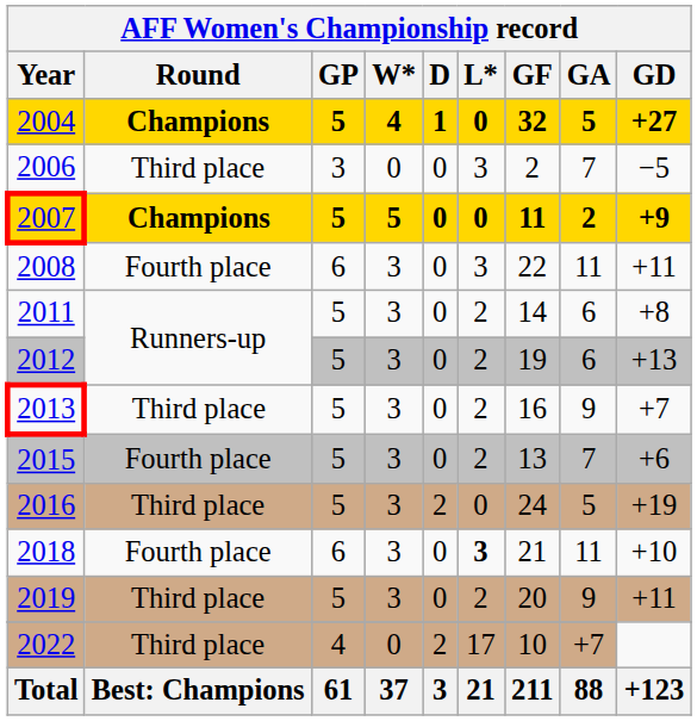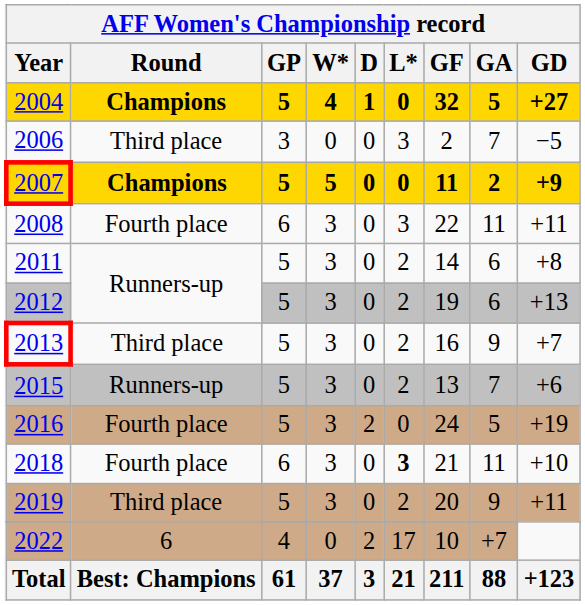 <table class="wikitable" style="text-align: center;">
 <tr>
 <th colspan=10><a href='#'>AFF Women's Championship</a> record</th>
 </tr>
 <tr>
 <th>Year</th>
 <th>Round</th>
 <th>GP</th>
 <th>W*</th>
 <th>D</th>
 <th>L*</th>
 <th>GF</th>
 <th>GA</th>
 <th>GD</th>
 </tr>
 <tr - bgcolor=gold>
 <td> <a href='#'>2004</a></td>
 <td><strong>Champions</strong></td>
 <td><strong>5</strong></td>
 <td><strong>4</strong></td>
 <td><strong>1</strong></td>
 <td><strong>0</strong></td>
 <td><strong>32</strong></td>
 <td><strong>5</strong></td>
 <td><strong>+27</strong></td>
 </tr>
 <tr -style="background:#9acdff;">
 <td> <a href='#'>2006</a></td>
 <td>Third place</td>
 <td>3</td>
 <td>0</td>
 <td>0</td>
 <td>3</td>
 <td>2</td>
 <td>7</td>
 <td>−5</td>
 </tr>
 <tr - bgcolor=gold>
 <td style="border: 3px solid red"> <a href='#'>2007</a></td>
 <td><strong>Champions</strong></td>
 <td><strong>5</strong></td>
 <td><strong>5</strong></td>
 <td><strong>0</strong></td>
 <td><strong>0</strong></td>
 <td><strong>11</strong></td>
 <td><strong>2</strong></td>
 <td><strong>+9</strong></td>
 </tr>
 <tr -style="background:#9acdff;">
 <td> <a href='#'>2008</a></td>
 <td>Fourth place</td>
 <td>6</td>
 <td>3</td>
 <td>0</td>
 <td>3</td>
 <td>22</td>
 <td>11</td>
 <td>+11</td>
 </tr>
 <tr -style="background:Silver;">
 <td> <a href='#'>2011</a></td>
 <td rowspan=2>Runners-up</td>
 <td>5</td>
 <td>3</td>
 <td>0</td>
 <td>2</td>
 <td>14</td>
 <td>6</td>
 <td>+8</td>
 </tr>
 <tr style="background:Silver;">
 <td> <a href='#'>2012</a></td>
 <td>5</td>
 <td>3</td>
 <td>0</td>
 <td>2</td>
 <td>19</td>
 <td>6</td>
 <td>+13</td>
 </tr>
 <tr -style="background:#9acdff;">
 <td style="border: 3px solid red"> <a href='#'>2013</a></td>
 <td>Third place</td>
 <td>5</td>
 <td>3</td>
 <td>0</td>
 <td>2</td>
 <td>16</td>
 <td>9</td>
 <td>+7</td>
 </tr>
 <tr style="background:Silver;">
 <td> <a href='#'>2015</a></td>
-<td>Fourth place</td>
+<td>Runners-up</td>
 <td>5</td>
 <td>3</td>
 <td>0</td>
 <td>2</td>
 <td>13</td>
 <td>7</td>
 <td>+6</td>
 </tr>
 <tr style="background:#cfaa88;">
 <td> <a href='#'>2016</a></td>
-<td>Third place</td>
+<td>Fourth place</td>
 <td>5</td>
 <td>3</td>
 <td>2</td>
 <td>0</td>
 <td>24</td>
 <td>5</td>
 <td>+19</td>
 </tr>
 <tr -style="background:#9acdff;">
 <td> <a href='#'>2018</a></td>
 <td>Fourth place</td>
 <td>6</td>
 <td>3</td>
 <td>0</td>
 <td><strong>3</strong></td>
 <td>21</td>
 <td>11</td>
 <td>+10</td>
 </tr>
 <tr style="background:#cfaa88;">
 <td> <a href='#'>2019</a></td>
 <td rowspan=2>Third place</td>
 <td>5</td>
 <td>3</td>
 <td>0</td>
 <td>2</td>
 <td>20</td>
 <td>9</td>
 <td>+11</td>
 </tr>
 <tr>
 </tr>
 <tr style="background:#cfaa88;">
 <td> <a href='#'>2022</a></td>
-<td>Third place</td>
+<td>6</td>
 <td>4</td>
 <td>0</td>
 <td>2</td>
 <td>17</td>
 <td>10</td>
 <td>+7</td>
 </tr>
 <tr>
 <th><strong>Total</strong></th>
 <th><strong>Best: Champions</strong></th>
 <th>61</th>
 <th>37</th>
 <th>3</th>
 <th>21</th>
 <th>211</th>
 <th>88</th>
 <th>+123</th>
 </tr>
 </table>
